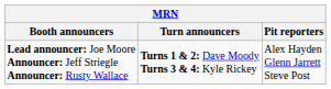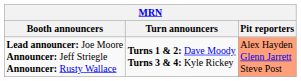 <table class="wikitable" style="font-size: 95%;">
 <tr>
 <th colspan="3"><a href='#'>MRN</a></th>
 </tr>
 <tr>
 <th>Booth announcers</th>
 <th>Turn announcers</th>
 <th>Pit reporters</th>
 </tr>
 <tr>
 <td><strong>Lead announcer:</strong> Joe Moore<br><strong>Announcer:</strong> Jeff Striegle<br><strong>Announcer:</strong> <a href='#'>Rusty Wallace</a></td>
 <td><strong>Turns 1 & 2:</strong> <a href='#'>Dave Moody</a><br><strong>Turns 3 & 4:</strong> Kyle Rickey</td>
-<td>Alex Hayden<br><a href='#'>Glenn Jarrett</a><br>Steve Post<br></td>
+<td style="background: lightsalmon;">Alex Hayden<br><a href='#'>Glenn Jarrett</a><br>Steve Post<br></td>
 </tr>
 </table>
